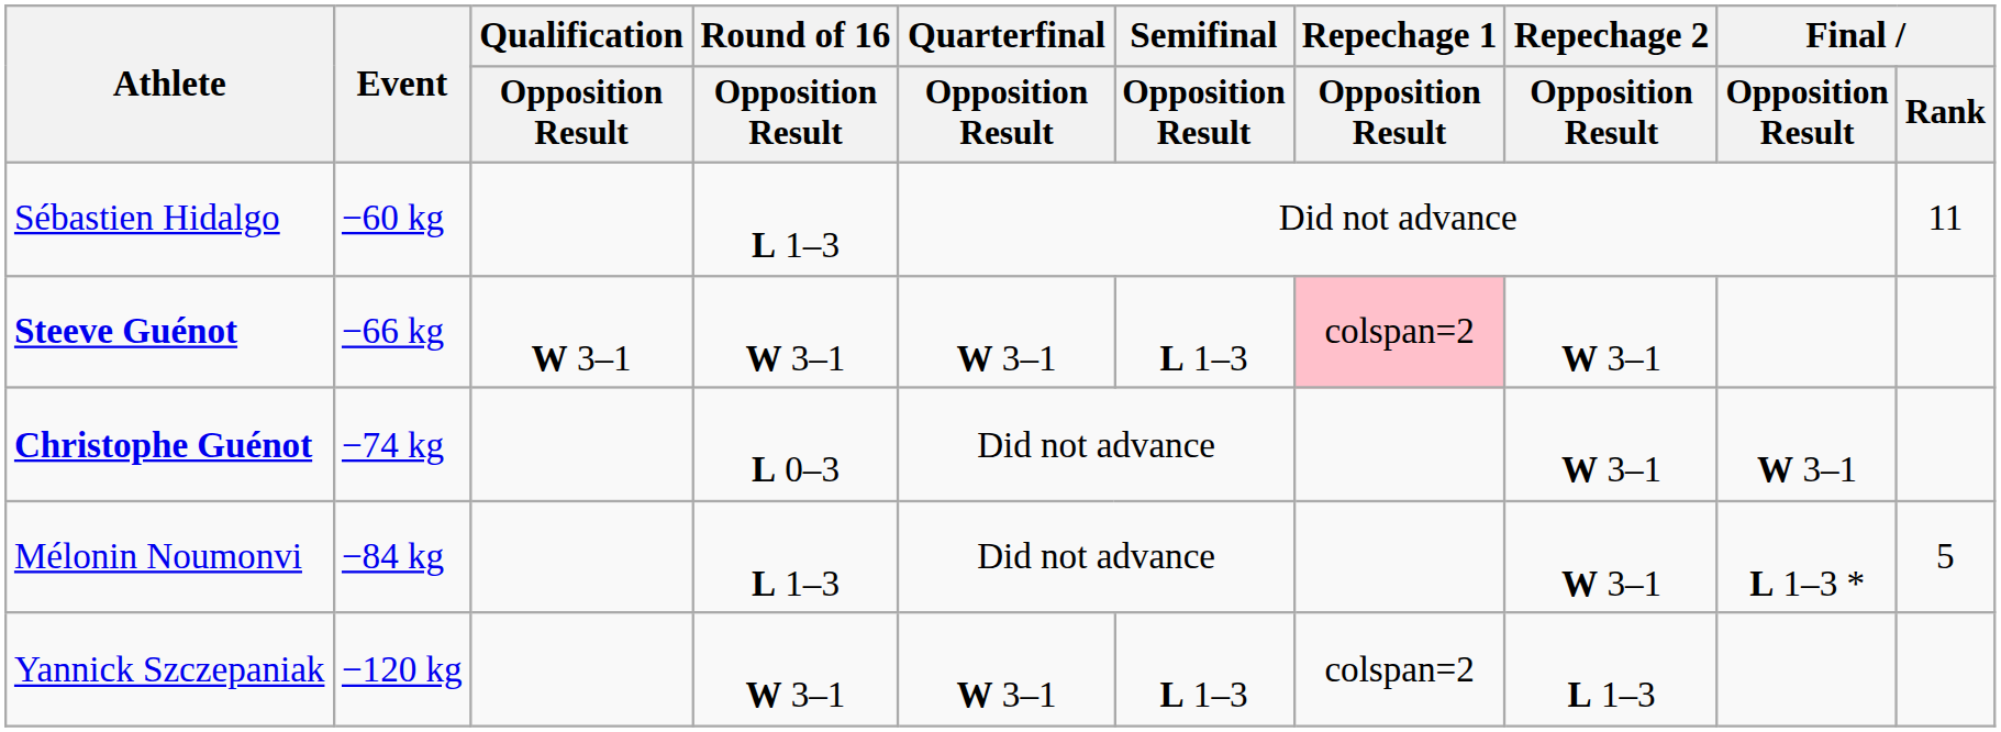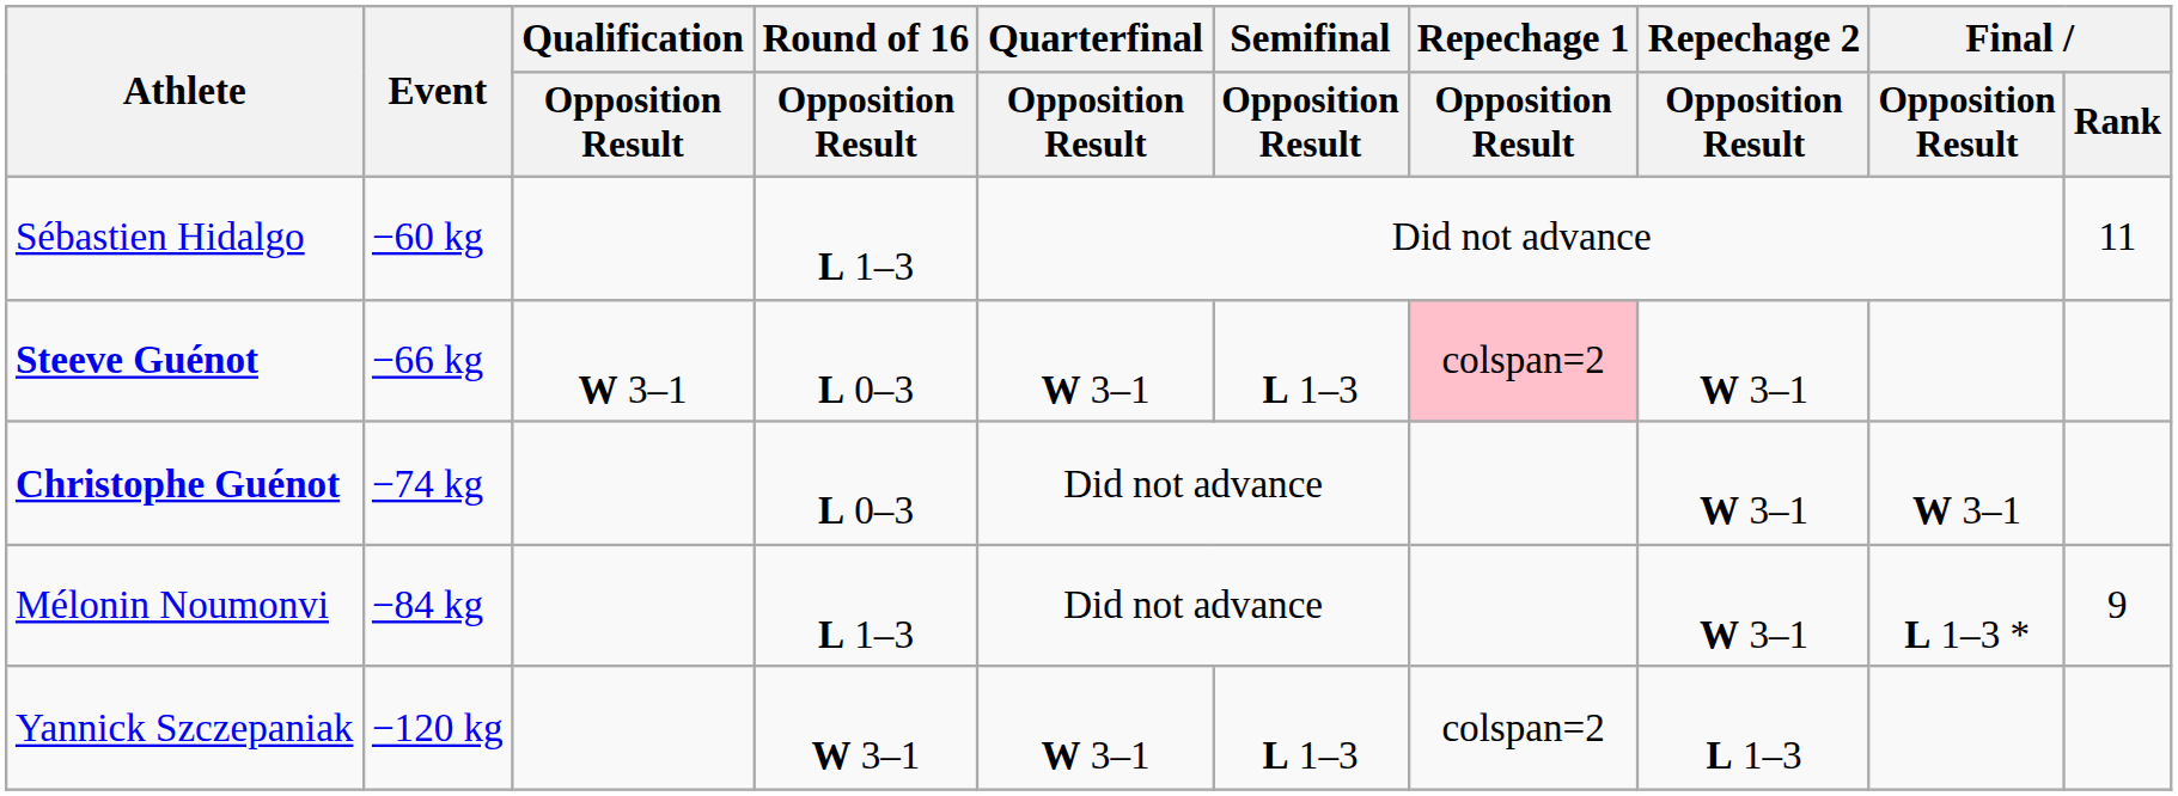 <table class="wikitable" style="font-size:90%">
 <tr>
 <th rowspan="2">Athlete</th>
 <th rowspan="2">Event</th>
 <th>Qualification</th>
 <th>Round of 16</th>
 <th>Quarterfinal</th>
 <th>Semifinal</th>
 <th>Repechage 1</th>
 <th>Repechage 2</th>
 <th colspan=2>Final / </th>
 </tr>
 <tr style="font-size: 95%">
 <th>Opposition<br>Result</th>
 <th>Opposition<br>Result</th>
 <th>Opposition<br>Result</th>
 <th>Opposition<br>Result</th>
 <th>Opposition<br>Result</th>
 <th>Opposition<br>Result</th>
 <th>Opposition<br>Result</th>
 <th>Rank</th>
 </tr>
 <tr align=center>
 <td align=left><a href='#'>Sébastien Hidalgo</a></td>
 <td align=left><a href='#'>−60 kg</a></td>
 <td></td>
 <td><br><strong>L</strong> 1–3 <sup></sup></td>
 <td colspan=5>Did not advance</td>
 <td>11</td>
 </tr>
 <tr align=center>
 <td align=left><strong><a href='#'>Steeve Guénot</a></strong></td>
 <td align=left><a href='#'>−66 kg</a></td>
 <td><br><strong>W</strong> 3–1 <sup></sup></td>
-<td><br><strong>W</strong> 3–1 <sup></sup></td>
+<td><br><strong>L</strong> 0–3 <sup></sup></td>
 <td><br><strong>W</strong> 3–1 <sup></sup></td>
 <td><br><strong>L</strong> 1–3 <sup></sup></td>
 <td style="background: pink;">colspan=2 </td>
 <td><br><strong>W</strong> 3–1 <sup></sup></td>
 <td></td>
 </tr>
 <tr align=center>
 <td align=left><strong><a href='#'>Christophe Guénot</a></strong></td>
 <td align=left><a href='#'>−74 kg</a></td>
 <td></td>
 <td><br><strong>L</strong> 0–3 <sup></sup></td>
 <td colspan=2>Did not advance</td>
 <td></td>
 <td><br><strong>W</strong> 3–1 <sup></sup></td>
 <td><br><strong>W</strong> 3–1 <sup></sup></td>
 <td></td>
 </tr>
 <tr align=center>
 <td align=left><a href='#'>Mélonin Noumonvi</a></td>
 <td align=left><a href='#'>−84 kg</a></td>
 <td></td>
 <td><br><strong>L</strong> 1–3 <sup></sup></td>
 <td colspan=2>Did not advance</td>
 <td></td>
 <td><br><strong>W</strong> 3–1 <sup></sup></td>
 <td><br><strong>L</strong> 1–3 <sup></sup>*</td>
-<td>5</td>
+<td>9</td>
 </tr>
 <tr align=center>
 <td align=left><a href='#'>Yannick Szczepaniak</a></td>
 <td align=left><a href='#'>−120 kg</a></td>
 <td></td>
 <td><br><strong>W</strong> 3–1 <sup></sup></td>
 <td><br><strong>W</strong> 3–1 <sup></sup></td>
 <td><br><strong>L</strong> 1–3 <sup></sup></td>
 <td>colspan=2 </td>
 <td><br><strong>L</strong> 1–3 <sup></sup></td>
 <td></td>
 </tr>
 </table>
